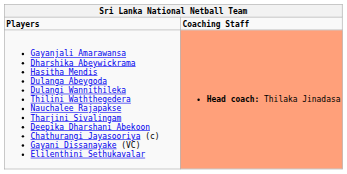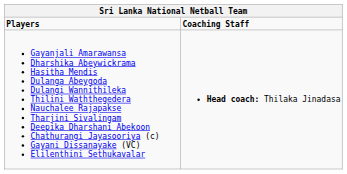 <table class="wikitable">
 <tr>
 <th colspan="2">Sri Lanka National Netball Team</th>
 </tr>
 <tr>
 <td><strong>Players</strong></td>
 <td><strong>Coaching Staff</strong></td>
 </tr>
 <tr>
 <td><br><ul><li><a href='#'>Gayanjali Amarawansa</a></li><li><a href='#'>Dharshika Abeywickrama</a>         </li><li><a href='#'>Hasitha Mendis</a></li><li><a href='#'>Dulanga Abeygoda</a></li><li><a href='#'>Dulangi Wannithileka</a></li><li><a href='#'>Thilini Waththegedera</a></li><li><a href='#'>Nauchalee Rajapakse</a></li><li><a href='#'>Tharjini Sivalingam</a></li><li><a href='#'>Deepika Dharshani Abekoon</a></li><li><a href='#'>Chathurangi Jayasooriya</a> (c)</li><li><a href='#'>Gayani Dissanayake</a> (VC)</li><li><a href='#'>Elilenthini Sethukavalar</a></li></ul></td>
-<td style="background: lightsalmon;"><br><ul><li><strong>Head coach:</strong> Thilaka Jinadasa</li></ul><br></td>
+<td><br><ul><li><strong>Head coach:</strong> Thilaka Jinadasa</li></ul><br></td>
 </tr>
 </table>
